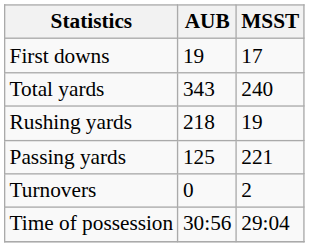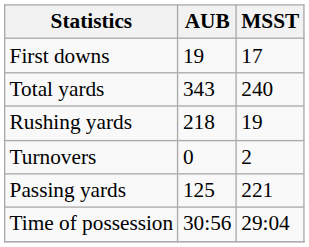 <table class="wikitable" style="float: left;">
 <tr>
 <th>Statistics</th>
 <th>AUB</th>
 <th>MSST</th>
 </tr>
 <tr>
 <td>First downs</td>
 <td>19</td>
 <td>17</td>
 </tr>
 <tr>
 <td>Total yards</td>
 <td>343</td>
 <td>240</td>
 </tr>
 <tr>
 <td>Rushing yards</td>
 <td>218</td>
 <td>19</td>
 </tr>
 <tr>
+<td>Turnovers</td>
+<td>0</td>
+<td>2</td>
+</tr>
+<tr>
 <td>Passing yards</td>
 <td>125</td>
 <td>221</td>
-</tr>
-<tr>
-<td>Turnovers</td>
-<td>0</td>
-<td>2</td>
 </tr>
 <tr>
 <td>Time of possession</td>
 <td>30:56</td>
 <td>29:04</td>
 </tr>
 <tr>
 </tr>
 </table>
